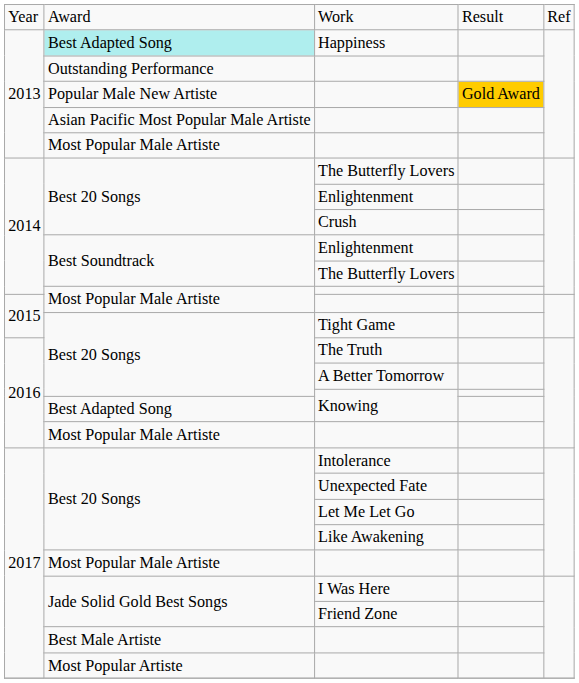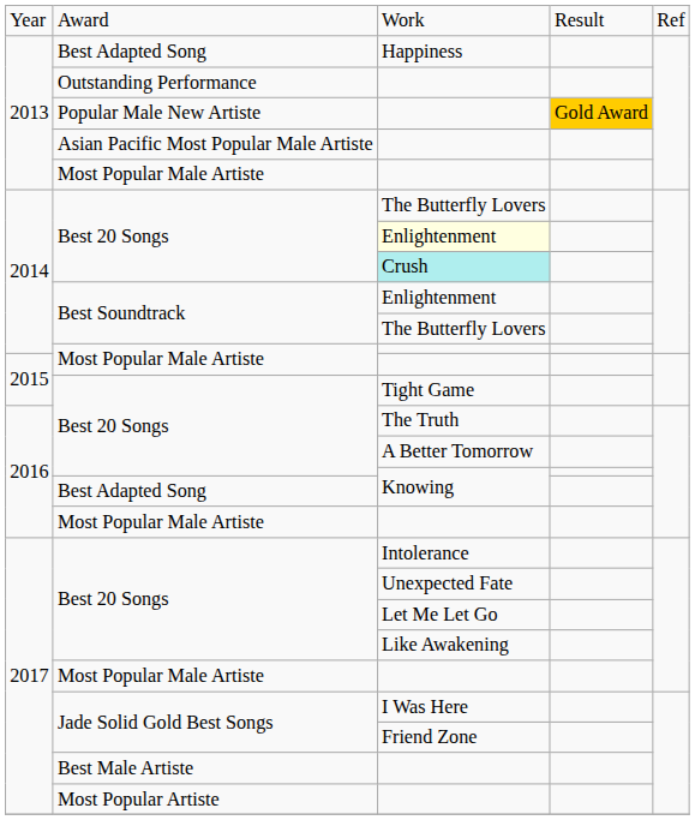 <table class="wikitable">
 <tr>
 <td>Year</td>
 <td>Award</td>
 <td>Work</td>
 <td>Result</td>
 <td>Ref</td>
 </tr>
 <tr>
 <td rowspan="5">2013</td>
-<td style="background: paleturquoise;">Best Adapted Song</td>
+<td>Best Adapted Song</td>
 <td>Happiness</td>
 <td></td>
 <td rowspan="5"></td>
 </tr>
 <tr>
 <td>Outstanding Performance</td>
 <td></td>
 <td></td>
 </tr>
 <tr>
 <td>Popular Male New Artiste</td>
 <td></td>
 <td style="background:#fc0;"><div>Gold Award</div></td>
 </tr>
 <tr>
 <td>Asian Pacific Most Popular Male Artiste</td>
 <td></td>
 <td></td>
 </tr>
 <tr>
 <td>Most Popular Male Artiste</td>
 <td></td>
 <td></td>
 </tr>
 <tr>
 <td rowspan="6">2014</td>
 <td rowspan="3">Best 20 Songs</td>
 <td>The Butterfly Lovers</td>
 <td></td>
 <td rowspan="6"></td>
 </tr>
 <tr>
-<td>Enlightenment</td>
+<td style="background: lightyellow;">Enlightenment</td>
 <td></td>
 </tr>
 <tr>
-<td>Crush</td>
+<td style="background: paleturquoise;">Crush</td>
 <td></td>
 </tr>
 <tr>
 <td rowspan="2">Best Soundtrack</td>
 <td>Enlightenment</td>
 <td></td>
 </tr>
 <tr>
 <td>The Butterfly Lovers</td>
 <td></td>
 </tr>
 <tr>
 <td rowspan="2">Most Popular Male Artiste</td>
 <td></td>
 <td></td>
 </tr>
 <tr>
 <td rowspan="2">2015</td>
 <td></td>
 <td></td>
 <td rowspan="2"></td>
 </tr>
 <tr>
 <td rowspan="4">Best 20 Songs</td>
 <td>Tight Game</td>
 <td></td>
 </tr>
 <tr>
 <td rowspan="5">2016</td>
 <td>The Truth</td>
 <td></td>
 <td rowspan="5"></td>
 </tr>
 <tr>
 <td>A Better Tomorrow</td>
 <td></td>
 </tr>
 <tr>
 <td rowspan="2">Knowing</td>
 <td></td>
 </tr>
 <tr>
 <td>Best Adapted Song</td>
 <td></td>
 </tr>
 <tr>
 <td>Most Popular Male Artiste</td>
 <td></td>
 <td></td>
 </tr>
 <tr>
 <td rowspan="9">2017</td>
 <td rowspan="4">Best 20 Songs</td>
 <td>Intolerance</td>
 <td></td>
 <td rowspan="5"></td>
 </tr>
 <tr>
 <td>Unexpected Fate</td>
 <td></td>
 </tr>
 <tr>
 <td>Let Me Let Go</td>
 <td></td>
 </tr>
 <tr>
 <td>Like Awakening</td>
 <td></td>
 </tr>
 <tr>
 <td>Most Popular Male Artiste</td>
 <td></td>
 <td></td>
 </tr>
 <tr>
 <td rowspan="2">Jade Solid Gold Best Songs</td>
 <td>I Was Here</td>
 <td></td>
 <td rowspan="4"></td>
 </tr>
 <tr>
 <td>Friend Zone</td>
 <td></td>
 </tr>
 <tr>
 <td>Best Male Artiste</td>
 <td></td>
 <td></td>
 </tr>
 <tr>
 <td>Most Popular Artiste</td>
 <td></td>
 <td></td>
 </tr>
 <tr>
 </tr>
 </table>
